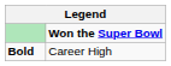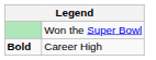 <table class="wikitable">
 <tr>
 <th colspan="2">Legend</th>
 </tr>
 <tr>
 <td style="background:#afe6ba; width:3em;"></td>
-<td><strong>Won the <a href='#'>Super Bowl</a></strong></td>
+<td>Won the <a href='#'>Super Bowl</a></td>
 </tr>
 <tr>
 <td><strong>Bold</strong></td>
 <td>Career High</td>
 </tr>
 </table>
